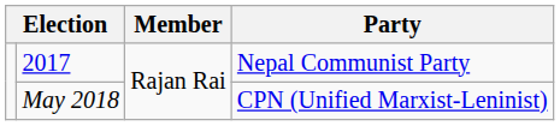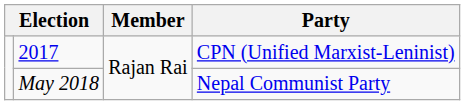 <table class="wikitable">
 <tr>
 <th colspan="2">Election</th>
 <th>Member</th>
 <th>Party</th>
 </tr>
 <tr>
 <td rowspan="2" style="background-color:"></td>
 <td><a href='#'>2017</a></td>
 <td rowspan="2">Rajan Rai</td>
-<td><a href='#'>Nepal Communist Party</a></td>
+<td><a href='#'>CPN (Unified Marxist-Leninist)</a></td>
 </tr>
 <tr>
 <td><em>May 2018</em></td>
-<td><a href='#'>CPN (Unified Marxist-Leninist)</a></td>
+<td><a href='#'>Nepal Communist Party</a></td>
 </tr>
 </table>
